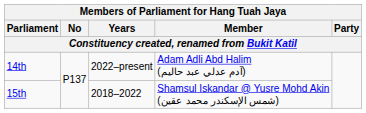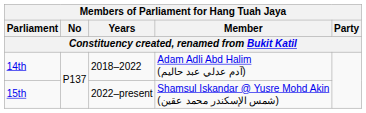 <table class=wikitable>
 <tr>
 <th colspan="5">Members of Parliament for Hang Tuah Jaya</th>
 </tr>
 <tr>
 <th>Parliament</th>
 <th>No</th>
 <th>Years</th>
 <th>Member</th>
 <th>Party</th>
 </tr>
 <tr>
 <th colspan="5" align="center"><em>Constituency created, renamed from <a href='#'>Bukit Katil</a></em></th>
 </tr>
 <tr>
 <td><a href='#'>14th</a></td>
 <td rowspan="2">P137</td>
-<td>2022–present</td>
+<td>2018–2022</td>
 <td><a href='#'>Adam Adli Abd Halim</a> <br> (آدم عدلي عبد حاليم)</td>
 <td rowspan="2"></td>
 </tr>
 <tr>
 <td><a href='#'>15th</a></td>
-<td>2018–2022</td>
+<td>2022–present</td>
 <td><a href='#'>Shamsul Iskandar @ Yusre Mohd Akin</a> <br> (شمس الإسكندر محمد عقين)</td>
 </tr>
 </table>
